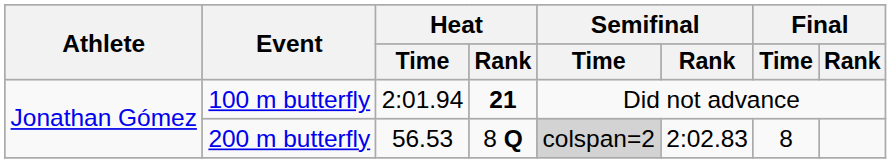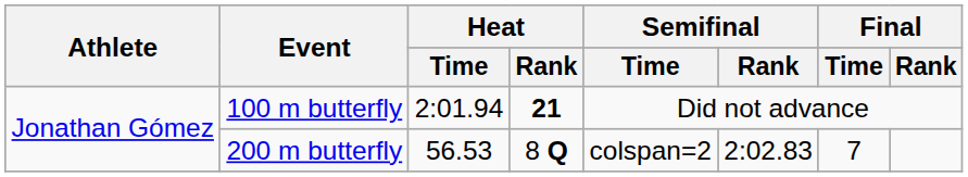 <table class=wikitable style="font-size:90%">
 <tr>
 <th rowspan=2>Athlete</th>
 <th rowspan=2>Event</th>
 <th colspan="2">Heat</th>
 <th colspan="2">Semifinal</th>
 <th colspan="2">Final</th>
 </tr>
 <tr style="font-size:95%">
 <th>Time</th>
 <th>Rank</th>
 <th>Time</th>
 <th>Rank</th>
 <th>Time</th>
 <th>Rank</th>
 </tr>
 <tr align=center>
 <td align=left rowspan=2><a href='#'>Jonathan Gómez</a></td>
 <td align=left><a href='#'>100 m butterfly</a></td>
 <td>2:01.94</td>
 <td><strong>21</strong></td>
 <td colspan=4>Did not advance</td>
 </tr>
 <tr align=center>
 <td align=left><a href='#'>200 m butterfly</a></td>
 <td>56.53</td>
 <td>8 <strong>Q</strong></td>
-<td style="background: lightgrey;">colspan=2 </td>
+<td>colspan=2 </td>
 <td>2:02.83</td>
-<td>8</td>
+<td>7</td>
 </tr>
 </table>
